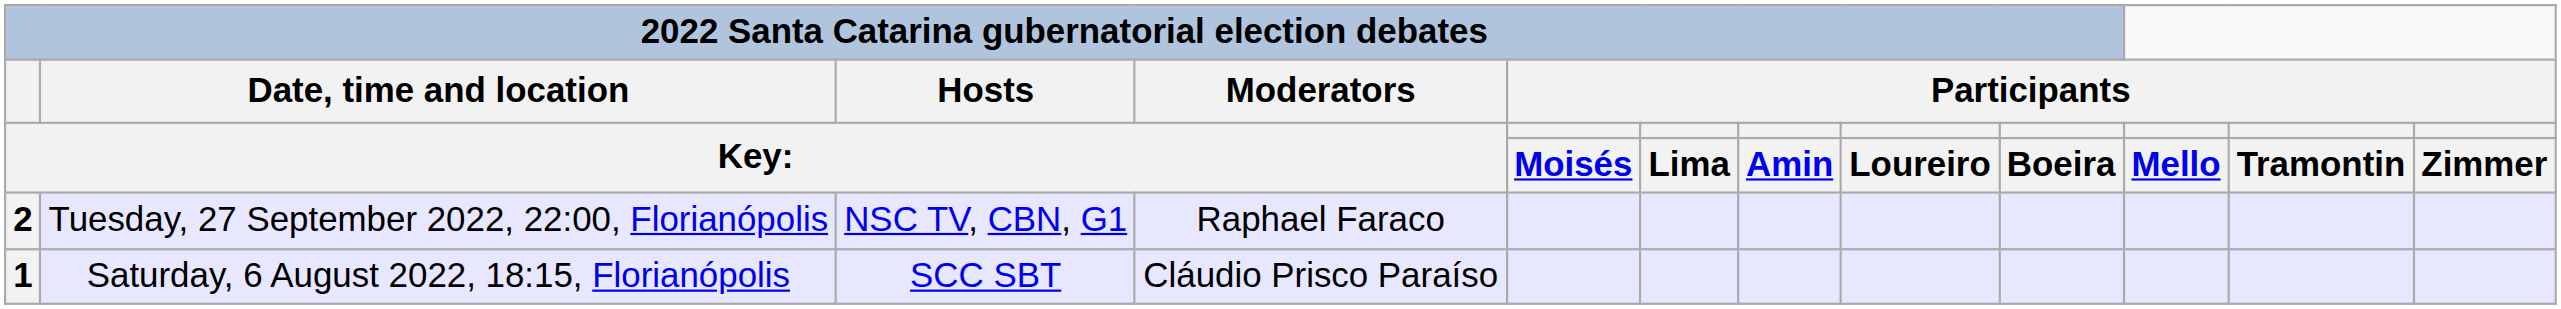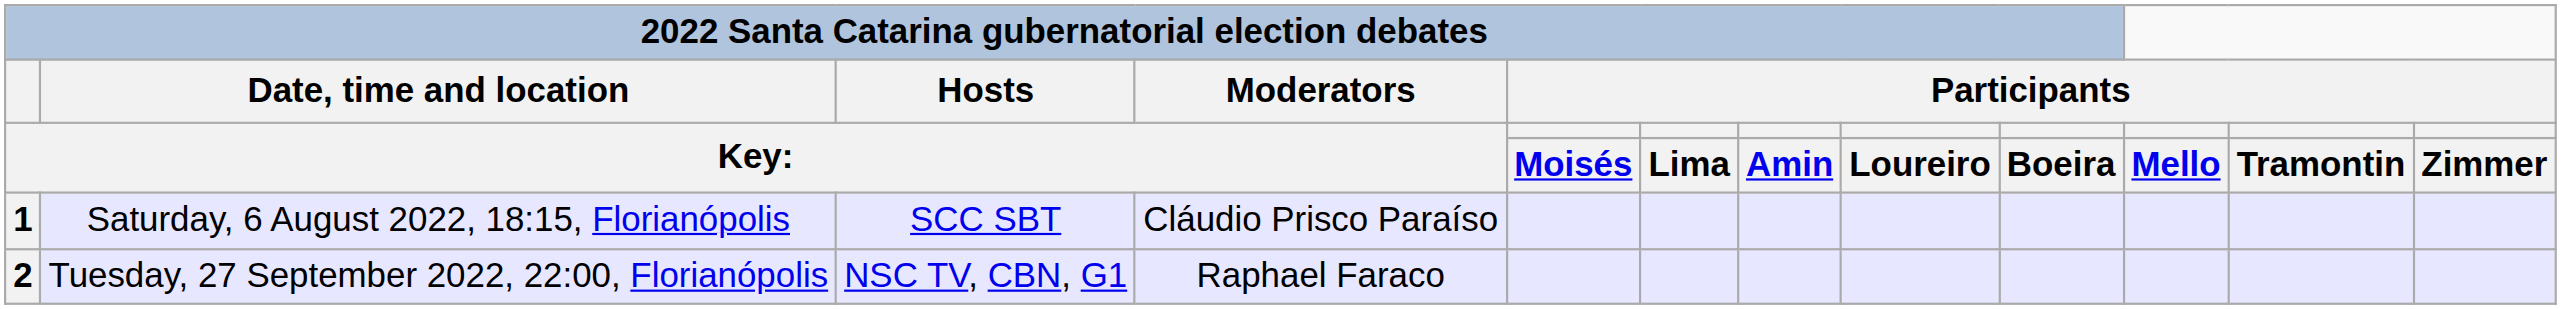 <table class="plainrowheaders wikitable" style="text-align:center">
 <tr>
 <th colspan="9" style="background:#B0C4DE">2022 Santa Catarina gubernatorial election debates</th>
 </tr>
 <tr style="line-height:1.3">
 <th></th>
 <th>Date, time and location</th>
 <th>Hosts</th>
 <th>Moderators</th>
 <th colspan="8" scope="col">Participants</th>
 </tr>
 <tr>
 <th colspan="4" rowspan="2">Key:<br></th>
 <th scope="col" style="background:"><small><a href='#'></a></small></th>
 <th scope="col" style="background:"><small><a href='#'></a></small></th>
 <th scope="col" style="background:"><small><a href='#'></a></small></th>
 <th scope="col" style="background:"><small><a href='#'></a></small></th>
 <th scope="col" style="background:"><small><a href='#'></a></small></th>
 <th scope="col" style="background:"><small><a href='#'></a></small></th>
 <th scope="col" style="background:"><small><a href='#'></a></small></th>
 <th scope="col" style="background:"><small><a href='#'></a></small></th>
 </tr>
 <tr>
 <th><a href='#'>Moisés</a></th>
 <th>Lima</th>
 <th><a href='#'>Amin</a></th>
 <th>Loureiro</th>
 <th>Boeira</th>
 <th><a href='#'>Mello</a></th>
 <th>Tramontin</th>
 <th>Zimmer</th>
 </tr>
 <tr style="background:#e7e7ff">
+<th scope="row" style="text-align:center">1</th>
+<td>Saturday, 6 August 2022, 18:15, <a href='#'>Florianópolis</a></td>
+<td><a href='#'>SCC SBT</a></td>
+<td>Cláudio Prisco Paraíso</td>
+<td></td>
+<td></td>
+<td></td>
+<td></td>
+<td></td>
+<td></td>
+<td></td>
+<td></td>
+</tr>
+<tr style="background:#e7e7ff">
 <th scope="row" style="text-align:center">2</th>
 <td>Tuesday, 27 September 2022, 22:00, <a href='#'>Florianópolis</a></td>
 <td><a href='#'>NSC TV</a>, <a href='#'>CBN</a>, <a href='#'>G1</a></td>
 <td>Raphael Faraco</td>
 <td></td>
 <td></td>
 <td></td>
 <td></td>
 <td></td>
 <td></td>
 <td></td>
 <td></td>
 </tr>
-<tr style="background:#e7e7ff">
-<th scope="row" style="text-align:center">1</th>
-<td>Saturday, 6 August 2022, 18:15, <a href='#'>Florianópolis</a></td>
-<td><a href='#'>SCC SBT</a></td>
-<td>Cláudio Prisco Paraíso</td>
-<td></td>
-<td></td>
-<td></td>
-<td></td>
-<td></td>
-<td></td>
-<td></td>
-<td></td>
-</tr>
 </table>
